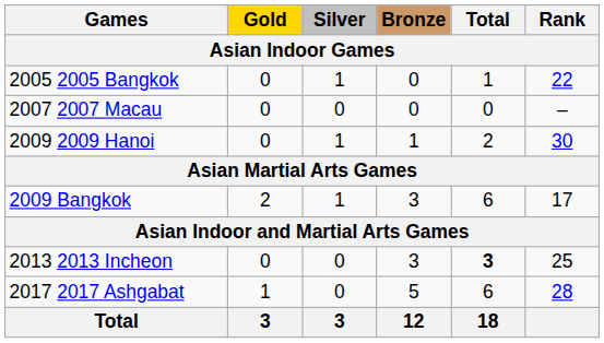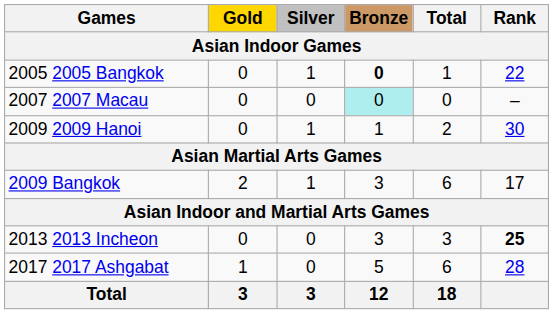 <table class="wikitable sortable" style="text-align:center;">
 <tr>
 <th width=180>Games</th>
 <th scope="col" style="background:gold; width:55px;">Gold</th>
 <th scope="col" style="background:silver; width:55px;">Silver</th>
 <th scope="col" style="background:#cc9966; width:55px;">Bronze</th>
 <th width=55>Total</th>
 <th width=55>Rank</th>
 </tr>
 <tr>
 <th colspan=6><strong>Asian Indoor Games</strong></th>
 </tr>
 <tr>
 <td align=left><span>2005</span> <a href='#'>2005 Bangkok</a></td>
 <td>0</td>
 <td>1</td>
-<td>0</td>
+<td><strong>0</strong></td>
 <td>1</td>
 <td><a href='#'>22</a></td>
 </tr>
 <tr>
 <td align=left><span>2007</span> <a href='#'>2007 Macau</a></td>
 <td>0</td>
 <td>0</td>
-<td>0</td>
+<td style="background: paleturquoise;">0</td>
 <td>0</td>
 <td>–</td>
 </tr>
 <tr>
 <td align=left><span>2009</span> <a href='#'>2009 Hanoi</a></td>
 <td>0</td>
 <td>1</td>
 <td>1</td>
 <td>2</td>
 <td><a href='#'>30</a></td>
 </tr>
 <tr>
 <th colspan=6><strong>Asian Martial Arts Games</strong></th>
 </tr>
 <tr class="sortbottom">
 <td align=left> <a href='#'>2009 Bangkok</a></td>
 <td>2</td>
 <td>1</td>
 <td>3</td>
 <td>6</td>
 <td>17</td>
 </tr>
 <tr>
 <th colspan=6><strong>Asian Indoor and Martial Arts Games</strong></th>
 </tr>
 <tr>
 <td align=left><span>2013</span> <a href='#'>2013 Incheon</a></td>
 <td>0</td>
 <td>0</td>
 <td>3</td>
-<td><strong>3</strong></td>
-<td>25</td>
+<td>3</td>
+<td><strong>25</strong></td>
 </tr>
 <tr>
 <td align=left><span>2017</span> <a href='#'>2017 Ashgabat</a></td>
 <td>1</td>
 <td>0</td>
 <td>5</td>
 <td>6</td>
 <td><a href='#'>28</a></td>
 </tr>
 <tr class="sortbottom">
 <th>Total</th>
 <th>3</th>
 <th>3</th>
 <th>12</th>
 <th>18</th>
 <th></th>
 </tr>
 </table>
